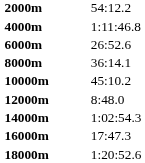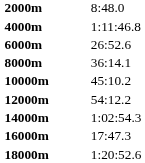 <table>
 <tr>
 <th width=100></th>
 <th width=100></th>
 <th width=200></th>
 </tr>
 <tr>
 <td><strong>2000m</strong></td>
-<td>54:12.2</td>
+<td>8:48.0</td>
 <td></td>
 </tr>
 <tr>
 <td><strong>4000m</strong></td>
 <td>1:11:46.8</td>
 <td></td>
 </tr>
 <tr>
 <td><strong>6000m</strong></td>
 <td>26:52.6</td>
 <td></td>
 </tr>
 <tr>
 <td><strong>8000m</strong></td>
 <td>36:14.1</td>
 <td></td>
 </tr>
 <tr>
 <td><strong>10000m</strong></td>
 <td>45:10.2</td>
 <td></td>
 </tr>
 <tr>
 <td><strong>12000m</strong></td>
-<td>8:48.0</td>
+<td>54:12.2</td>
 <td></td>
 </tr>
 <tr>
 <td><strong>14000m</strong></td>
 <td>1:02:54.3</td>
 <td></td>
 </tr>
 <tr>
 <td><strong>16000m</strong></td>
 <td>17:47.3</td>
 <td></td>
 </tr>
 <tr>
 <td><strong>18000m</strong></td>
 <td>1:20:52.6</td>
 <td></td>
 </tr>
 <tr>
 </tr>
 </table>
